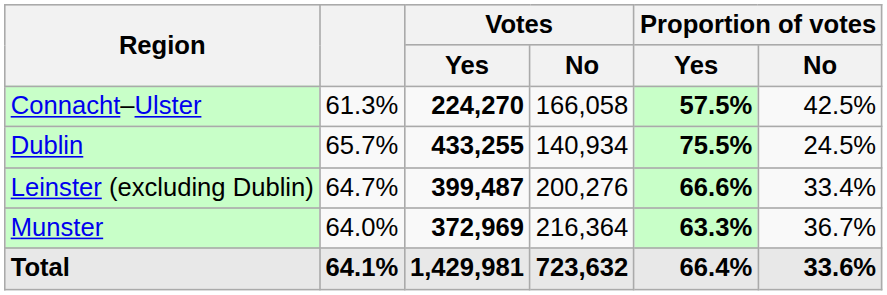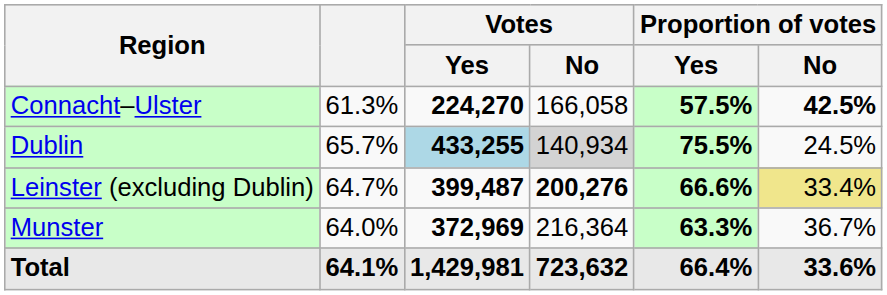 <table class="wikitable sortable collapsible">
 <tr>
 <th rowspan=2>Region</th>
 <th rowspan=2></th>
 <th colspan=2>Votes</th>
 <th colspan=2>Proportion of votes</th>
 </tr>
 <tr>
 <th>Yes</th>
 <th>No</th>
 <th>Yes</th>
 <th>No</th>
 </tr>
 <tr>
 <td style="background:#c8ffc8;"><a href='#'>Connacht</a>–<a href='#'>Ulster</a></td>
 <td style="text-align: right;">61.3%</td>
 <td style="text-align: right;"><strong>224,270</strong></td>
 <td style="text-align: right;">166,058</td>
 <td style="text-align: right; background:#c8ffc8;"><strong>57.5%</strong></td>
-<td style="text-align: right;">42.5%</td>
+<td style="text-align: right;"><strong>42.5%</strong></td>
 </tr>
 <tr>
 <td style="background:#c8ffc8;"><a href='#'>Dublin</a></td>
 <td style="text-align: right;">65.7%</td>
-<td style="text-align: right;"><strong>433,255</strong></td>
-<td style="text-align: right;">140,934</td>
+<td style="background: lightblue; text-align: right;"><strong>433,255</strong></td>
+<td style="background: lightgrey; text-align: right;">140,934</td>
 <td style="text-align: right; background:#c8ffc8;"><strong>75.5%</strong></td>
 <td style="text-align: right;">24.5%</td>
 </tr>
 <tr>
 <td style="background:#c8ffc8;"><a href='#'>Leinster</a> (excluding Dublin)</td>
 <td style="text-align: right;">64.7%</td>
 <td style="text-align: right;"><strong>399,487</strong></td>
-<td style="text-align: right;">200,276</td>
+<td style="text-align: right;"><strong>200,276</strong></td>
 <td style="text-align: right; background:#c8ffc8;"><strong>66.6%</strong></td>
-<td style="text-align: right;">33.4%</td>
+<td style="background: khaki; text-align: right;">33.4%</td>
 </tr>
 <tr>
 <td style="background:#c8ffc8;"><a href='#'>Munster</a></td>
 <td style="text-align: right;">64.0%</td>
 <td style="text-align: right;"><strong>372,969</strong></td>
 <td style="text-align: right;">216,364</td>
 <td style="text-align: right; background:#c8ffc8;"><strong>63.3%</strong></td>
 <td style="text-align: right;">36.7%</td>
 </tr>
 <tr class="sortbottom" style="font-weight:bold; background:rgb(232,232,232);">
 <td>Total</td>
 <td style="text-align: right;">64.1%</td>
 <td style="text-align: right;"><strong>1,429,981</strong></td>
 <td style="text-align: right;">723,632</td>
 <td style="text-align: right;">66.4%</td>
 <td style="text-align: right;">33.6%</td>
 </tr>
 </table>
